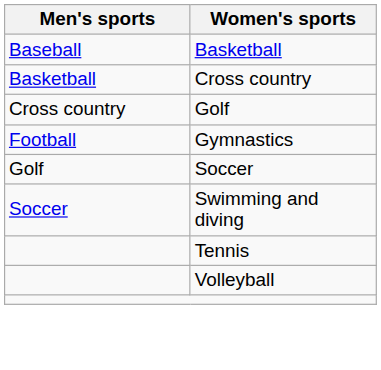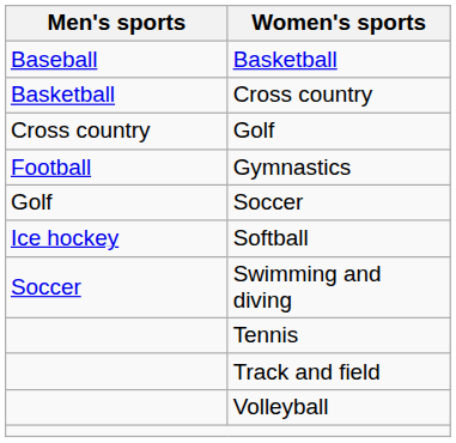 <table class="wikitable" style=" ">
 <tr>
 <th width=150px>Men's sports</th>
 <th width=150px>Women's sports</th>
 </tr>
 <tr>
 <td><a href='#'>Baseball</a></td>
 <td><a href='#'>Basketball</a></td>
 </tr>
 <tr>
 <td><a href='#'>Basketball</a></td>
 <td>Cross country</td>
 </tr>
 <tr>
 <td>Cross country</td>
 <td>Golf</td>
 </tr>
 <tr>
 <td><a href='#'>Football</a></td>
 <td>Gymnastics</td>
 </tr>
 <tr>
 <td>Golf</td>
 <td>Soccer</td>
 </tr>
 <tr>
+<td><a href='#'>Ice hockey</a></td>
+<td>Softball</td>
+</tr>
+<tr>
 <td><a href='#'>Soccer</a></td>
 <td>Swimming and diving</td>
 </tr>
 <tr>
 <td></td>
 <td>Tennis</td>
 </tr>
 <tr>
 <td></td>
+<td>Track and field</td>
+</tr>
+<tr>
+<td></td>
 <td>Volleyball</td>
 </tr>
 <tr>
 <td colspan="2"></td>
 </tr>
 </table>
